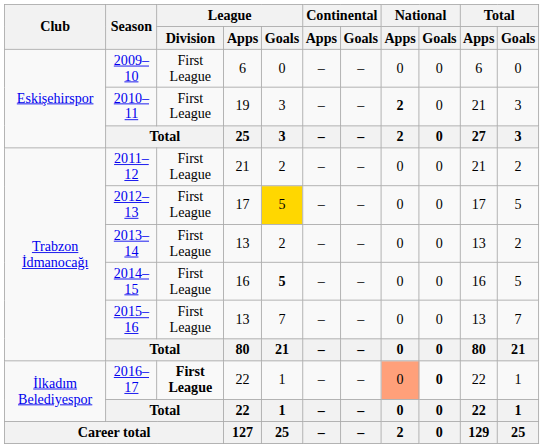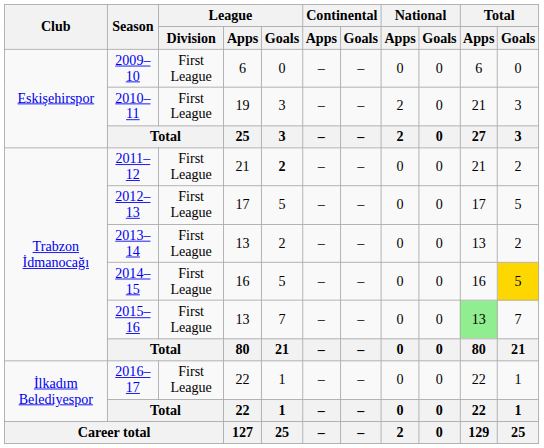 <table class="wikitable" style="text-align: center;">
 <tr>
 <th rowspan="2">Club</th>
 <th rowspan="2">Season</th>
 <th colspan="3">League</th>
 <th colspan="2">Continental</th>
 <th colspan="2">National</th>
 <th colspan="2">Total</th>
 </tr>
 <tr>
 <th>Division</th>
 <th>Apps</th>
 <th>Goals</th>
 <th>Apps</th>
 <th>Goals</th>
 <th>Apps</th>
 <th>Goals</th>
 <th>Apps</th>
 <th>Goals</th>
 </tr>
 <tr>
 <td rowspan=3><a href='#'>Eskişehirspor</a></td>
 <td><a href='#'>2009–10</a></td>
 <td>First League</td>
 <td>6</td>
 <td>0</td>
 <td>–</td>
 <td>–</td>
 <td>0</td>
 <td>0</td>
 <td>6</td>
 <td>0</td>
 </tr>
 <tr>
 <td><a href='#'>2010–11</a></td>
 <td>First League</td>
 <td>19</td>
 <td>3</td>
 <td>–</td>
 <td>–</td>
-<td><strong>2</strong></td>
+<td>2</td>
 <td>0</td>
 <td>21</td>
 <td>3</td>
 </tr>
 <tr>
 <th colspan=2>Total</th>
 <th>25</th>
 <th>3</th>
 <th>–</th>
 <th>–</th>
 <th>2</th>
 <th>0</th>
 <th>27</th>
 <th>3</th>
 </tr>
 <tr>
 <td rowspan=6><a href='#'>Trabzon İdmanocağı</a></td>
 <td><a href='#'>2011–12</a></td>
 <td>First League</td>
 <td>21</td>
-<td>2</td>
+<td><strong>2</strong></td>
 <td>–</td>
 <td>–</td>
 <td>0</td>
 <td>0</td>
 <td>21</td>
 <td>2</td>
 </tr>
 <tr>
 <td><a href='#'>2012–13</a></td>
 <td>First League</td>
 <td>17</td>
-<td style="background: gold;">5</td>
+<td>5</td>
 <td>–</td>
 <td>–</td>
 <td>0</td>
 <td>0</td>
 <td>17</td>
 <td>5</td>
 </tr>
 <tr>
 <td><a href='#'>2013–14</a></td>
 <td>First League</td>
 <td>13</td>
 <td>2</td>
 <td>–</td>
 <td>–</td>
 <td>0</td>
 <td>0</td>
 <td>13</td>
 <td>2</td>
 </tr>
 <tr>
 <td><a href='#'>2014–15</a></td>
 <td>First League</td>
 <td>16</td>
-<td><strong>5</strong></td>
+<td>5</td>
 <td>–</td>
 <td>–</td>
 <td>0</td>
 <td>0</td>
 <td>16</td>
-<td>5</td>
+<td style="background: gold;">5</td>
 </tr>
 <tr>
 <td><a href='#'>2015–16</a></td>
 <td>First League</td>
 <td>13</td>
 <td>7</td>
 <td>–</td>
 <td>–</td>
 <td>0</td>
 <td>0</td>
-<td>13</td>
+<td style="background: lightgreen;">13</td>
 <td>7</td>
 </tr>
 <tr>
 <th colspan=2>Total</th>
 <th>80</th>
 <th>21</th>
 <th>–</th>
 <th>–</th>
 <th>0</th>
 <th>0</th>
 <th>80</th>
 <th>21</th>
 </tr>
 <tr>
 <td rowspan=2><a href='#'>İlkadım Belediyespor</a></td>
 <td><a href='#'>2016–17</a></td>
-<td><strong>First League</strong></td>
+<td>First League</td>
 <td>22</td>
 <td>1</td>
 <td>–</td>
 <td>–</td>
-<td style="background: lightsalmon;">0</td>
-<td><strong>0</strong></td>
+<td>0</td>
+<td>0</td>
 <td>22</td>
 <td>1</td>
 </tr>
 <tr>
 <th colspan=2>Total</th>
 <th>22</th>
 <th>1</th>
 <th>–</th>
 <th>–</th>
 <th>0</th>
 <th>0</th>
 <th>22</th>
 <th>1</th>
 </tr>
 <tr>
 <th colspan=3>Career total</th>
 <th>127</th>
 <th>25</th>
 <th>–</th>
 <th>–</th>
 <th>2</th>
 <th>0</th>
 <th>129</th>
 <th>25</th>
 </tr>
 </table>
